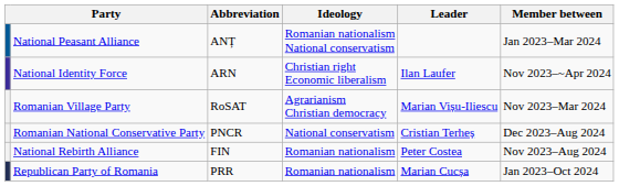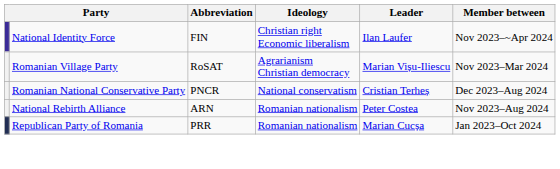 <table class="wikitable" style="text-align:left;">
 <tr>
 <th colspan=2>Party</th>
 <th>Abbreviation</th>
 <th>Ideology</th>
 <th>Leader</th>
 <th>Member between</th>
 </tr>
 <tr>
-<th style="background-color:#005996;"></th>
-<td><a href='#'>National Peasant Alliance</a></td>
-<td>ANȚ</td>
-<td><a href='#'>Romanian nationalism</a><br><a href='#'>National conservatism</a></td>
-<td></td>
-<td>Jan 2023–Mar 2024</td>
-</tr>
-<tr>
 <th style="background-color:#3B2B98;"></th>
 <td><a href='#'>National Identity Force</a></td>
-<td>ARN</td>
+<td>FIN</td>
 <td><a href='#'>Christian right</a><br><a href='#'>Economic liberalism</a></td>
 <td><a href='#'>Ilan Laufer</a></td>
 <td>Nov 2023–~Apr 2024</td>
 </tr>
 <tr>
 <th style="background-color:"></th>
 <td><a href='#'>Romanian Village Party</a></td>
 <td>RoSAT</td>
 <td><a href='#'>Agrarianism</a><br><a href='#'>Christian democracy</a></td>
 <td><a href='#'>Marian Vișu-Iliescu</a></td>
 <td>Nov 2023–Mar 2024</td>
 </tr>
 <tr>
 <th style="background-color:"></th>
 <td><a href='#'>Romanian National Conservative Party</a></td>
 <td>PNCR</td>
 <td><a href='#'>National conservatism</a></td>
 <td><a href='#'>Cristian Terheș</a></td>
 <td>Dec 2023–Aug 2024</td>
 </tr>
 <tr>
 <th style="background-color:"></th>
 <td><a href='#'>National Rebirth Alliance</a></td>
-<td>FIN</td>
+<td>ARN</td>
 <td><a href='#'>Romanian nationalism</a></td>
 <td><a href='#'>Peter Costea</a></td>
 <td>Nov 2023–Aug 2024</td>
 </tr>
 <tr>
 <th style="background-color:#222E54;"></th>
 <td><a href='#'>Republican Party of Romania</a></td>
 <td>PRR</td>
 <td><a href='#'>Romanian nationalism</a></td>
 <td><a href='#'>Marian Cucșa</a></td>
 <td>Jan 2023–Oct 2024</td>
 </tr>
 </table>
